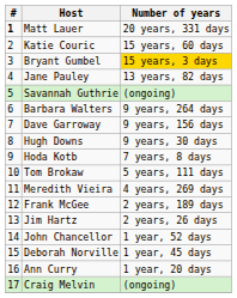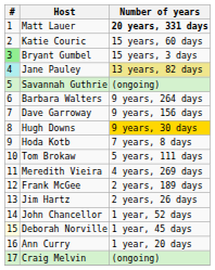 <table class="wikitable">
 <tr>
 <th>#</th>
 <th>Host</th>
 <th>Number of years</th>
 </tr>
 <tr>
-<td><strong>1</strong></td>
+<td>1</td>
 <td>Matt Lauer</td>
-<td>20 years, 331 days</td>
+<td><strong>20 years, 331 days</strong></td>
 </tr>
 <tr>
 <td>2</td>
 <td>Katie Couric</td>
 <td>15 years, 60 days</td>
 </tr>
 <tr>
-<td>3</td>
+<td style="background: lightgreen;">3</td>
 <td>Bryant Gumbel</td>
-<td style="background: gold;">15 years, 3 days</td>
+<td>15 years, 3 days</td>
 </tr>
 <tr>
-<td>4</td>
+<td style="background: paleturquoise;">4</td>
 <td>Jane Pauley</td>
-<td>13 years, 82 days</td>
+<td style="background: khaki;">13 years, 82 days</td>
 </tr>
 <tr style="background:#D4F2CE;">
 <td>5</td>
 <td>Savannah Guthrie</td>
 <td> (ongoing)</td>
 </tr>
 <tr>
 <td>6</td>
 <td>Barbara Walters</td>
 <td>9 years, 264 days</td>
 </tr>
 <tr>
 <td>7</td>
 <td>Dave Garroway</td>
 <td>9 years, 156 days</td>
 </tr>
 <tr>
 <td>8</td>
 <td>Hugh Downs</td>
-<td>9 years, 30 days</td>
+<td style="background: gold;">9 years, 30 days</td>
 </tr>
 <tr>
 <td>9</td>
 <td>Hoda Kotb</td>
 <td>7 years, 8 days</td>
 </tr>
 <tr>
 <td>10</td>
 <td>Tom Brokaw</td>
 <td>5 years, 111 days</td>
 </tr>
 <tr>
 <td>11</td>
 <td>Meredith Vieira</td>
 <td>4 years, 269 days</td>
 </tr>
 <tr>
 <td>12</td>
 <td>Frank McGee</td>
 <td>2 years, 189 days</td>
 </tr>
 <tr>
 <td>13</td>
 <td>Jim Hartz</td>
 <td>2 years, 26 days</td>
 </tr>
 <tr>
 <td>14</td>
 <td>John Chancellor</td>
 <td>1 year, 52 days</td>
 </tr>
 <tr>
-<td>15</td>
+<td style="background: lightyellow;">15</td>
 <td>Deborah Norville</td>
 <td>1 year, 45 days</td>
 </tr>
 <tr>
 <td>16</td>
 <td>Ann Curry</td>
 <td>1 year, 20 days</td>
 </tr>
 <tr style="background:#D4F2CE;">
 <td>17</td>
 <td>Craig Melvin</td>
 <td> (ongoing)</td>
 </tr>
 <tr>
 </tr>
 </table>
